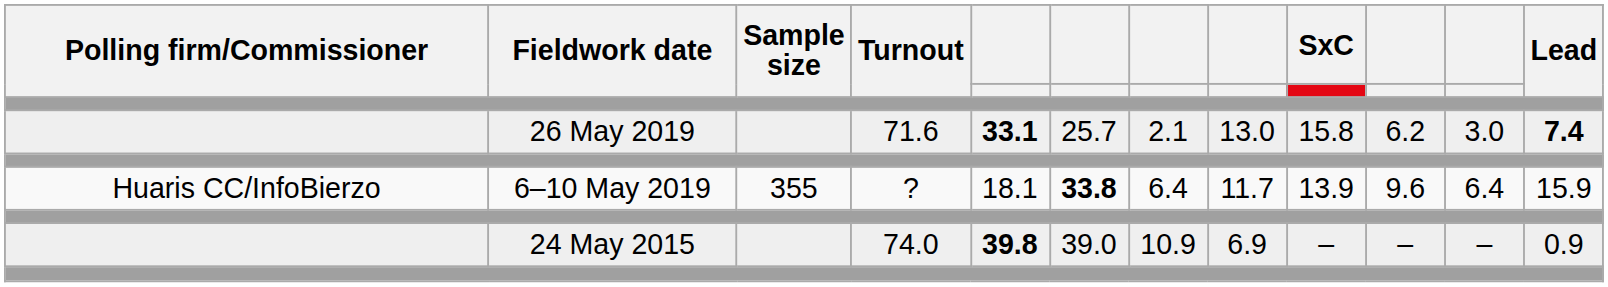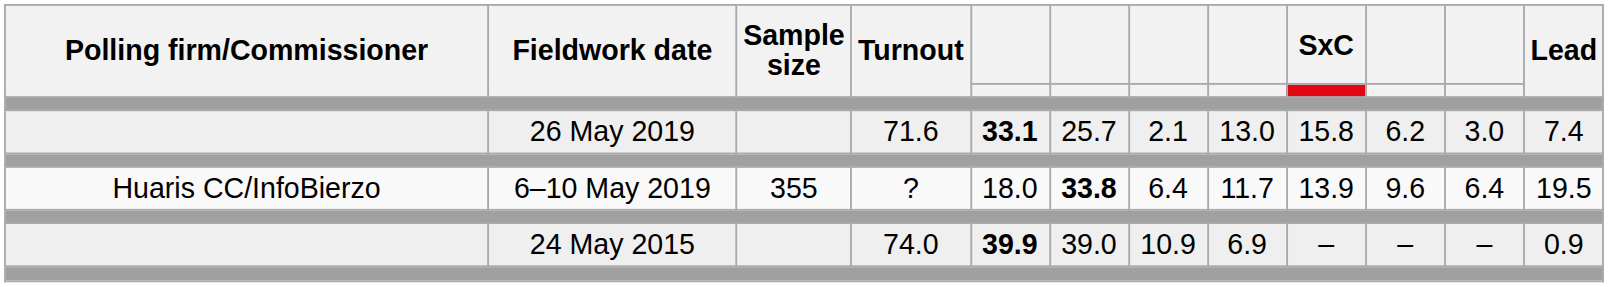 <table class="wikitable collapsible collapsed" style="text-align:center; font-size:95%; line-height:16px;">
 <tr style="height:42px;">
 <th style="width:250px;" rowspan="2">Polling firm/Commissioner</th>
 <th style="width:125px;" rowspan="2">Fieldwork date</th>
 <th style="width:50px;" rowspan="2">Sample size</th>
 <th style="width:45px;" rowspan="2">Turnout</th>
 <th style="width:35px;"></th>
 <th style="width:35px;"></th>
 <th style="width:35px;"></th>
 <th style="width:35px;"></th>
 <th style="width:35px;">SxC</th>
 <th style="width:35px;"></th>
 <th style="width:35px;"></th>
 <th style="width:30px;" rowspan="2">Lead</th>
 </tr>
 <tr>
 <th style="color:inherit;background:"></th>
 <th style="color:inherit;background:"></th>
 <th style="color:inherit;background:"></th>
 <th style="color:inherit;background:"></th>
 <th style="color:inherit;background:#E40613;"></th>
 <th style="color:inherit;background:"></th>
 <th style="color:inherit;background:"></th>
 </tr>
 <tr>
 <td colspan="12" style="background:#A0A0A0"></td>
 </tr>
 <tr style="background:#EFEFEF;">
 <td><strong></strong></td>
 <td>26 May 2019</td>
 <td></td>
 <td>71.6</td>
 <td><strong>33.1</strong><br></td>
 <td>25.7<br></td>
 <td>2.1<br></td>
 <td>13.0<br></td>
 <td>15.8<br></td>
 <td>6.2<br></td>
 <td>3.0<br></td>
-<td style="background:"><strong>7.4</strong></td>
+<td style="background:">7.4</td>
 </tr>
 <tr>
 <td colspan="12" style="background:#A0A0A0"></td>
 </tr>
 <tr>
 <td>Huaris CC/InfoBierzo</td>
 <td>6–10 May 2019</td>
 <td>355</td>
 <td>?</td>
-<td>18.1<br></td>
+<td>18.0<br></td>
 <td><strong>33.8</strong><br></td>
 <td>6.4<br></td>
 <td>11.7<br></td>
 <td>13.9<br></td>
 <td>9.6<br></td>
 <td>6.4<br></td>
-<td style="background:">15.9</td>
+<td style="background:">19.5</td>
 </tr>
 <tr>
 <td colspan="12" style="background:#A0A0A0"></td>
 </tr>
 <tr style="background:#EFEFEF;">
 <td><strong></strong></td>
 <td>24 May 2015</td>
 <td></td>
 <td>74.0</td>
-<td><strong>39.8</strong><br></td>
+<td><strong>39.9</strong><br></td>
 <td>39.0<br></td>
 <td>10.9<br></td>
 <td>6.9<br></td>
 <td>–</td>
 <td>–</td>
 <td>–</td>
 <td style="background:">0.9</td>
 </tr>
 <tr>
 <td colspan="12" style="background:#A0A0A0"></td>
 </tr>
 </table>
